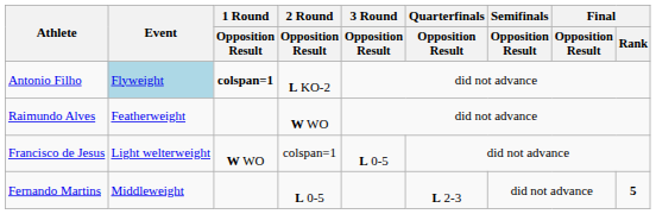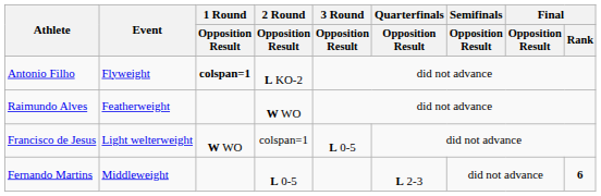 <table class="wikitable" style="font-size:90%">
 <tr>
 <th rowspan="2">Athlete</th>
 <th rowspan="2">Event</th>
 <th>1 Round</th>
 <th>2 Round</th>
 <th>3 Round</th>
 <th>Quarterfinals</th>
 <th>Semifinals</th>
 <th colspan="2">Final</th>
 </tr>
 <tr style="font-size:95%">
 <th>Opposition<br>Result</th>
 <th>Opposition<br>Result</th>
 <th>Opposition<br>Result</th>
 <th>Opposition<br>Result</th>
 <th>Opposition<br>Result</th>
 <th>Opposition<br>Result</th>
 <th>Rank</th>
 </tr>
 <tr align=center>
 <td align=left><a href='#'>Antonio Filho</a></td>
-<td align=left style="background: lightblue;"><a href='#'>Flyweight</a></td>
+<td align=left><a href='#'>Flyweight</a></td>
 <td><strong>colspan=1 </strong></td>
 <td><br><strong>L</strong> KO-2</td>
 <td colspan=5>did not advance</td>
 </tr>
 <tr align=center>
 <td align=left><a href='#'>Raimundo Alves</a></td>
 <td align=left><a href='#'>Featherweight</a></td>
 <td></td>
 <td><br><strong>W</strong> WO</td>
 <td colspan=5>did not advance</td>
 </tr>
 <tr align=center>
 <td align=left><a href='#'>Francisco de Jesus</a></td>
 <td align=left><a href='#'>Light welterweight</a></td>
 <td><br><strong>W</strong> WO</td>
 <td>colspan=1 </td>
 <td><br><strong>L</strong> 0-5</td>
 <td colspan=5>did not advance</td>
 </tr>
 <tr align=center>
 <td align=left><a href='#'>Fernando Martins</a></td>
 <td align=left><a href='#'>Middleweight</a></td>
 <td></td>
 <td><br><strong>L</strong> 0-5</td>
 <td></td>
 <td><br><strong>L</strong> 2-3</td>
 <td colspan=2>did not advance</td>
-<td><strong>5</strong></td>
+<td><strong>6</strong></td>
 </tr>
 </table>
